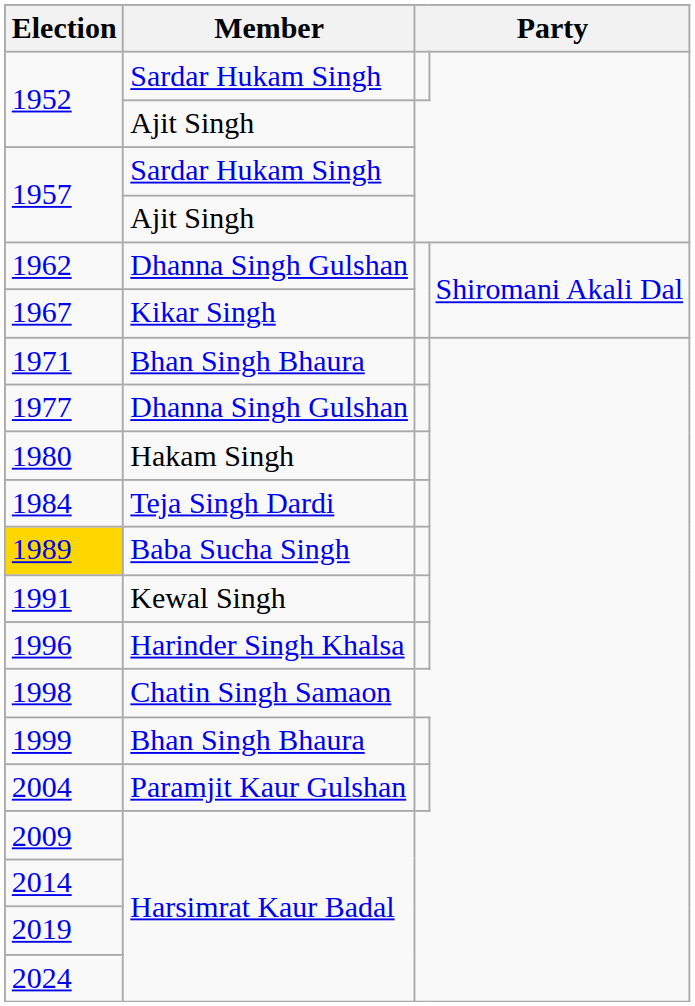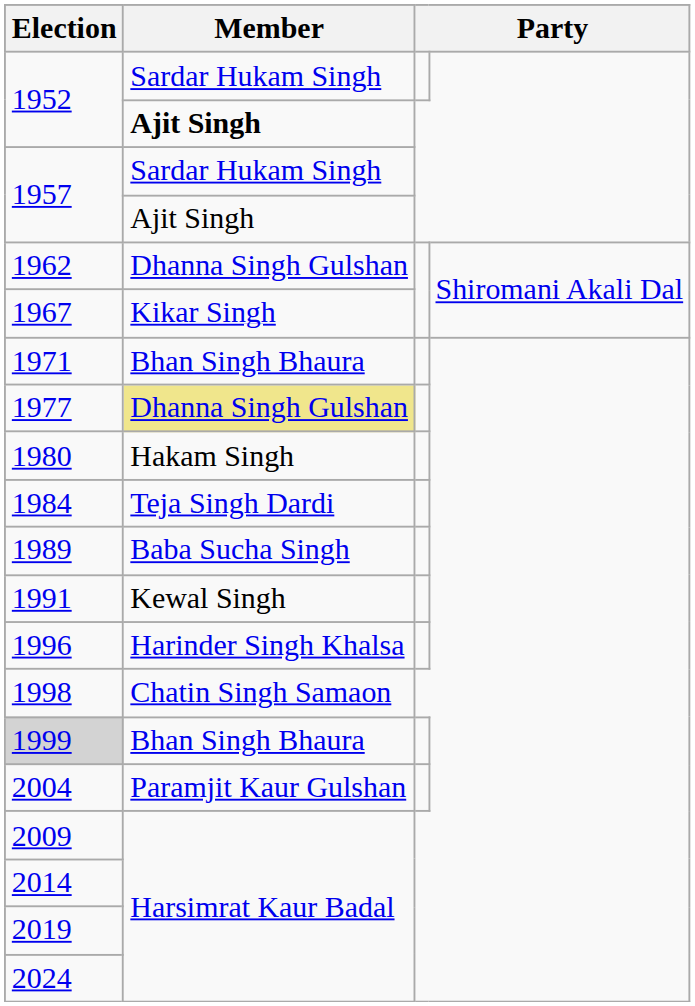 <table class="wikitable sortable">
 <tr>
 <th>Election</th>
 <th>Member</th>
 <th colspan="2">Party</th>
 </tr>
 <tr>
 <td rowspan="2"><a href='#'>1952</a></td>
 <td><a href='#'>Sardar Hukam Singh</a></td>
 <td></td>
 </tr>
 <tr>
-<td>Ajit Singh</td>
+<td><strong>Ajit Singh</strong></td>
 </tr>
 <tr>
 <td rowspan="2"><a href='#'>1957</a></td>
 <td><a href='#'>Sardar Hukam Singh</a></td>
 </tr>
 <tr>
 <td>Ajit Singh</td>
 </tr>
 <tr>
 <td><a href='#'>1962</a></td>
 <td><a href='#'>Dhanna Singh Gulshan</a></td>
 <td rowspan="2" style="background-color: "></td>
 <td rowspan="2"><a href='#'>Shiromani Akali Dal</a></td>
 </tr>
 <tr>
 <td><a href='#'>1967</a></td>
 <td><a href='#'>Kikar Singh</a></td>
 </tr>
 <tr>
 <td><a href='#'>1971</a></td>
 <td><a href='#'>Bhan Singh Bhaura</a></td>
 <td></td>
 </tr>
 <tr>
 <td><a href='#'>1977</a></td>
-<td><a href='#'>Dhanna Singh Gulshan</a></td>
+<td style="background: khaki;"><a href='#'>Dhanna Singh Gulshan</a></td>
 <td></td>
 </tr>
 <tr>
 <td><a href='#'>1980</a></td>
 <td>Hakam Singh</td>
 <td></td>
 </tr>
 <tr>
 <td><a href='#'>1984</a></td>
 <td><a href='#'>Teja Singh Dardi</a></td>
 <td></td>
 </tr>
 <tr>
-<td style="background: gold;"><a href='#'>1989</a></td>
+<td><a href='#'>1989</a></td>
 <td><a href='#'>Baba Sucha Singh</a></td>
 <td></td>
 </tr>
 <tr>
 <td><a href='#'>1991</a></td>
 <td>Kewal Singh</td>
 <td></td>
 </tr>
 <tr>
 <td><a href='#'>1996</a></td>
 <td><a href='#'>Harinder Singh Khalsa</a></td>
 <td></td>
 </tr>
 <tr>
 <td><a href='#'>1998</a></td>
 <td><a href='#'>Chatin Singh Samaon</a></td>
 </tr>
 <tr>
-<td><a href='#'>1999</a></td>
+<td style="background: lightgrey;"><a href='#'>1999</a></td>
 <td><a href='#'>Bhan Singh Bhaura</a></td>
 <td></td>
 </tr>
 <tr>
 <td><a href='#'>2004</a></td>
 <td><a href='#'>Paramjit Kaur Gulshan</a></td>
 <td></td>
 </tr>
 <tr>
 <td><a href='#'>2009</a></td>
 <td rowspan="4"><a href='#'>Harsimrat Kaur Badal</a></td>
 </tr>
 <tr>
 <td><a href='#'>2014</a></td>
 </tr>
 <tr>
 <td><a href='#'>2019</a></td>
 </tr>
 <tr>
 <td><a href='#'>2024</a></td>
 </tr>
 </table>
